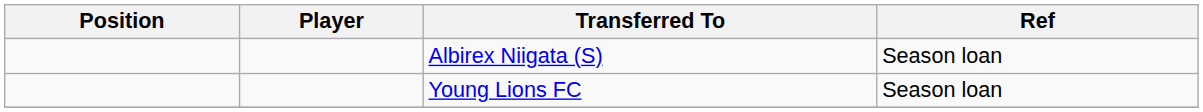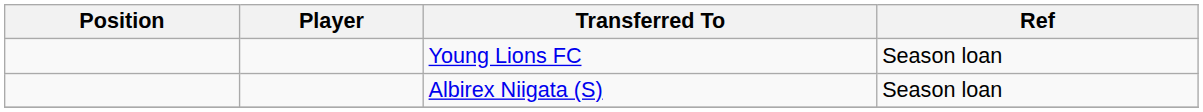 <table class="wikitable sortable" style="width:70%; text-align:center; font-size:100%; text-align:left;">
 <tr>
 <th><strong>Position</strong></th>
 <th><strong>Player</strong></th>
 <th><strong>Transferred To</strong></th>
 <th><strong>Ref</strong></th>
 </tr>
 <tr>
 <td></td>
 <td></td>
+<td>  <a href='#'>Young Lions FC</a></td>
+<td>Season loan</td>
+</tr>
+<tr>
+<td></td>
+<td></td>
 <td> <a href='#'>Albirex Niigata (S)</a></td>
 <td>Season loan </td>
 </tr>
 <tr>
-<td></td>
-<td></td>
-<td>  <a href='#'>Young Lions FC</a></td>
-<td>Season loan</td>
-</tr>
-<tr>
 </tr>
 </table>
